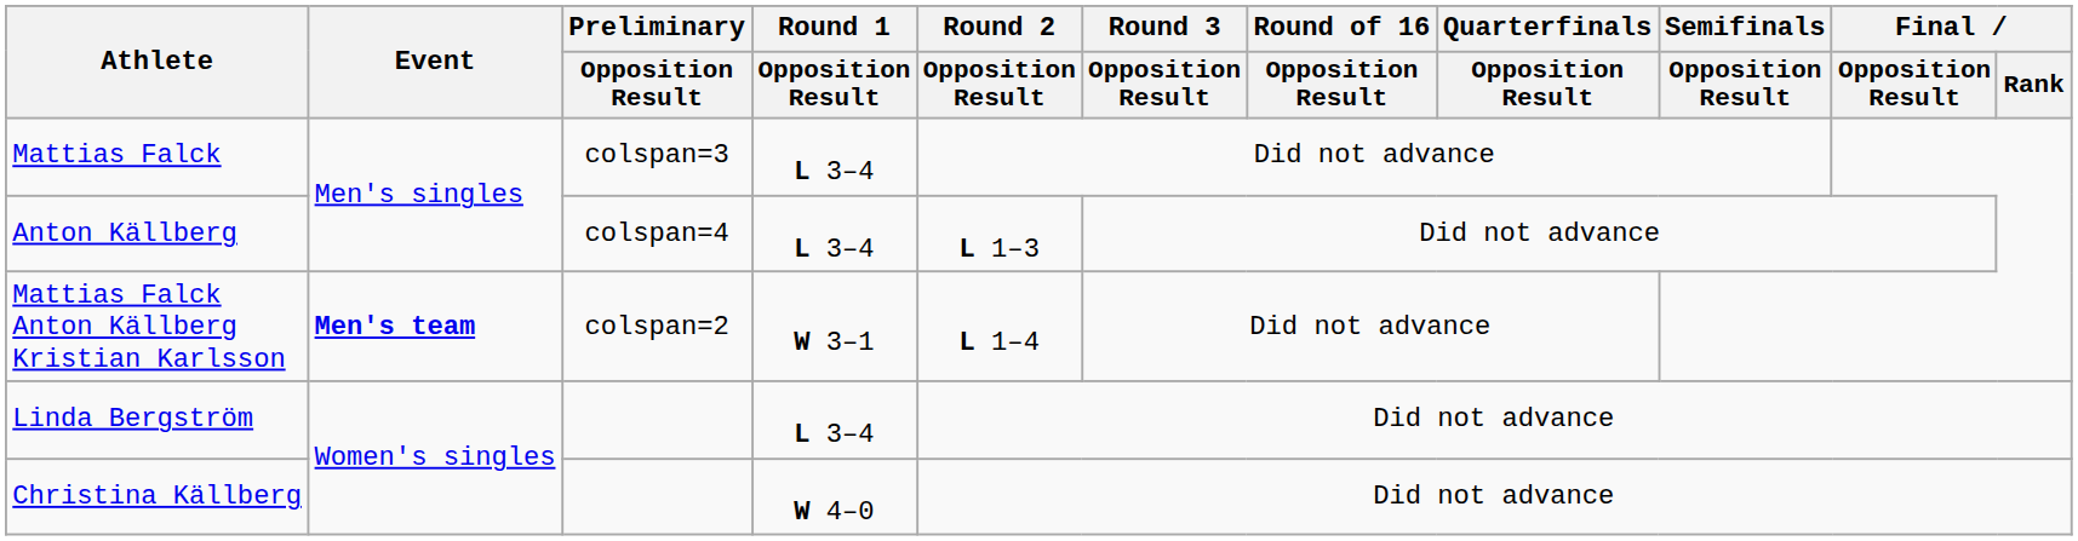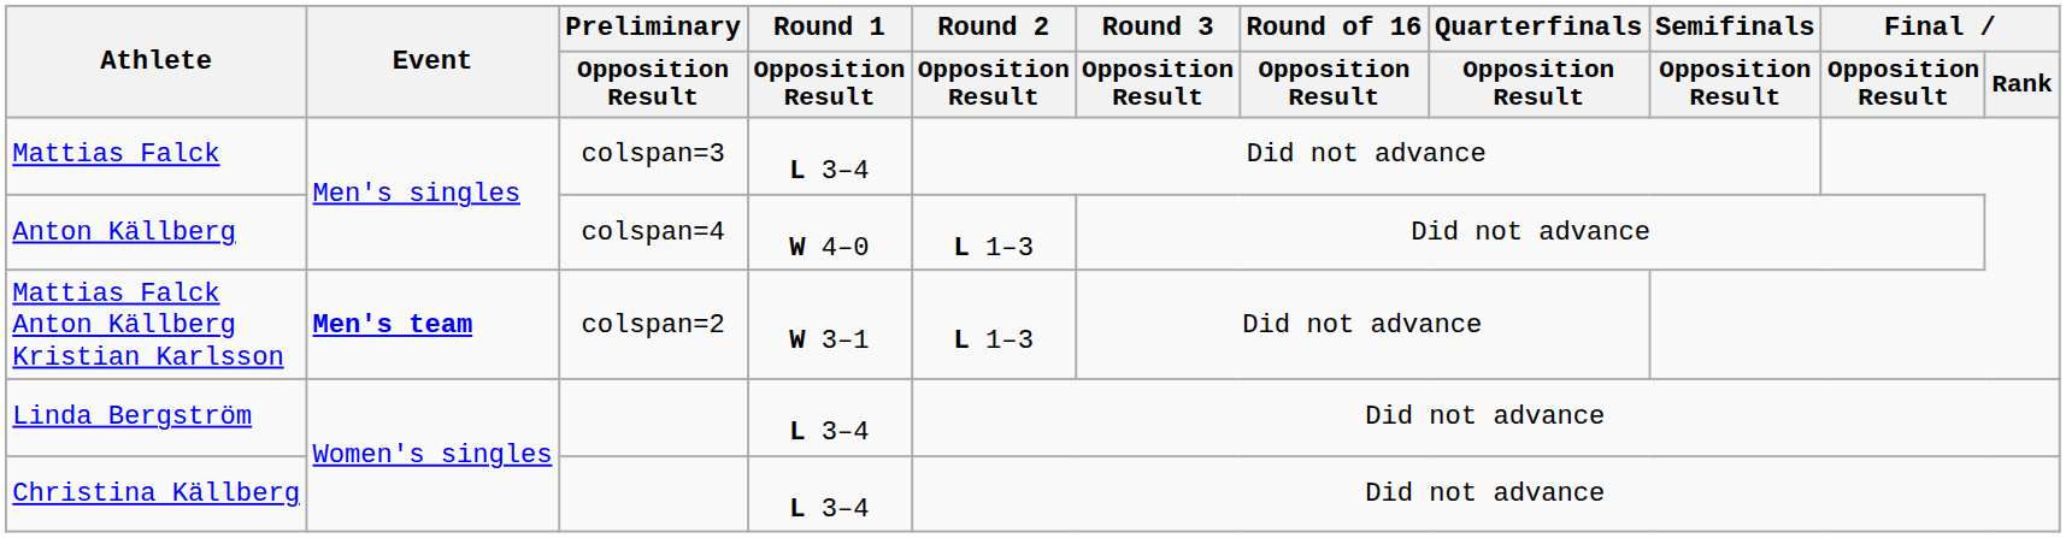 <table class="wikitable" style="font-size:90%;">
 <tr>
 <th rowspan=2>Athlete</th>
 <th rowspan=2>Event</th>
 <th>Preliminary</th>
 <th>Round 1</th>
 <th>Round 2</th>
 <th>Round 3</th>
 <th>Round of 16</th>
 <th>Quarterfinals</th>
 <th>Semifinals</th>
 <th colspan=2>Final / </th>
 </tr>
 <tr style="font-size:95%">
 <th>Opposition<br>Result</th>
 <th>Opposition<br>Result</th>
 <th>Opposition<br>Result</th>
 <th>Opposition<br>Result</th>
 <th>Opposition<br>Result</th>
 <th>Opposition<br>Result</th>
 <th>Opposition<br>Result</th>
 <th>Opposition<br>Result</th>
 <th>Rank</th>
 </tr>
 <tr align=center>
 <td align=left><a href='#'>Mattias Falck</a></td>
 <td align=left rowspan=2><a href='#'>Men's singles</a></td>
 <td>colspan=3 </td>
 <td><br><strong>L</strong> 3–4</td>
 <td colspan=5>Did not advance</td>
 </tr>
 <tr align=center>
 <td align=left><a href='#'>Anton Källberg</a></td>
 <td>colspan=4 </td>
-<td><br><strong>L</strong> 3–4</td>
+<td><br><strong>W</strong> 4–0</td>
 <td><br><strong>L</strong> 1–3</td>
 <td colspan=5>Did not advance</td>
 </tr>
 <tr align=center>
 <td align=left><a href='#'>Mattias Falck</a><br><a href='#'>Anton Källberg</a><br><a href='#'>Kristian Karlsson</a></td>
 <td align=left><strong><a href='#'>Men's team</a></strong></td>
 <td>colspan=2 </td>
 <td><br><strong>W</strong> 3–1</td>
-<td><br><strong>L</strong> 1–4</td>
+<td><br><strong>L</strong> 1–3</td>
 <td colspan=3>Did not advance</td>
 </tr>
 <tr align=center>
 <td align=left><a href='#'>Linda Bergström</a></td>
 <td align=left rowspan=2><a href='#'>Women's singles</a></td>
 <td></td>
 <td><br><strong>L</strong> 3–4</td>
 <td colspan=7>Did not advance</td>
 </tr>
 <tr align=center>
 <td align=left><a href='#'>Christina Källberg</a></td>
 <td></td>
-<td><br><strong>W</strong> 4–0</td>
+<td><br><strong>L</strong> 3–4</td>
 <td colspan=7>Did not advance</td>
 </tr>
 </table>
